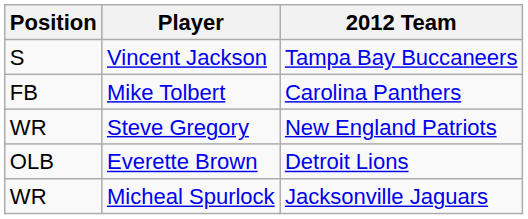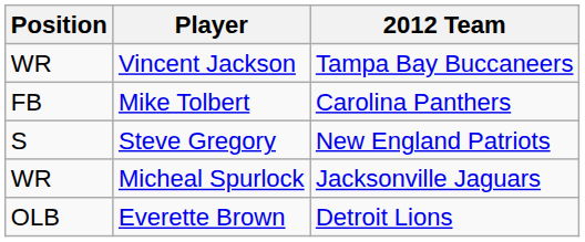 <table class="wikitable" style="font-size: 95%; text-align: left">
 <tr>
 <th>Position</th>
 <th>Player</th>
 <th>2012 Team</th>
 </tr>
 <tr>
-<td>S</td>
+<td>WR</td>
 <td><a href='#'>Vincent Jackson</a></td>
 <td><a href='#'>Tampa Bay Buccaneers</a></td>
 </tr>
 <tr>
 <td>FB</td>
 <td><a href='#'>Mike Tolbert</a></td>
 <td><a href='#'>Carolina Panthers</a></td>
 </tr>
 <tr>
-<td>WR</td>
+<td>S</td>
 <td><a href='#'>Steve Gregory</a></td>
 <td><a href='#'>New England Patriots</a></td>
+</tr>
+<tr>
+<td>WR</td>
+<td><a href='#'>Micheal Spurlock</a></td>
+<td><a href='#'>Jacksonville Jaguars</a></td>
 </tr>
 <tr>
 <td>OLB</td>
 <td><a href='#'>Everette Brown</a></td>
 <td><a href='#'>Detroit Lions</a></td>
 </tr>
-<tr>
-<td>WR</td>
-<td><a href='#'>Micheal Spurlock</a></td>
-<td><a href='#'>Jacksonville Jaguars</a></td>
-</tr>
 </table>
